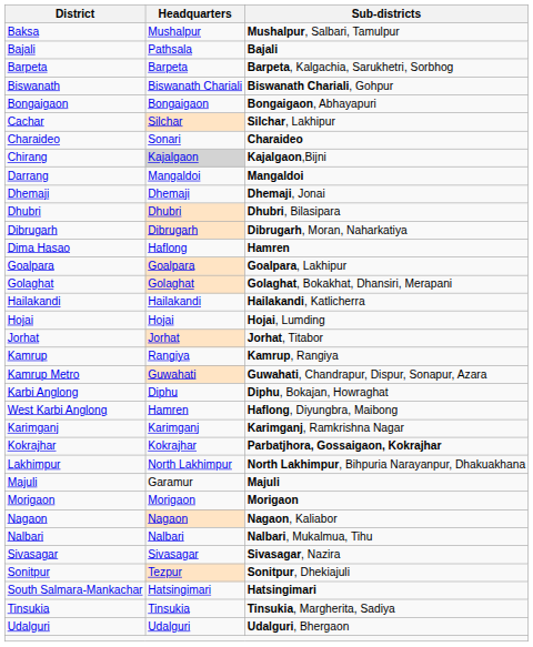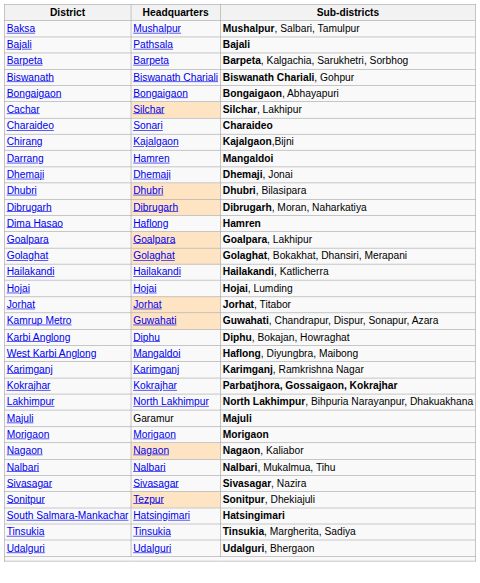 <table class="wikitable sortable" style="text-align: left;">
 <tr>
 <th><strong>District</strong></th>
 <th><strong>Headquarters</strong></th>
 <th><strong>Sub-districts</strong></th>
 </tr>
 <tr>
 <td><a href='#'>Baksa</a></td>
 <td><a href='#'>Mushalpur</a></td>
 <td><strong>Mushalpur</strong>, Salbari, Tamulpur</td>
 </tr>
 <tr>
 <td><a href='#'>Bajali</a></td>
 <td><a href='#'>Pathsala</a></td>
 <td><strong>Bajali</strong></td>
 </tr>
 <tr>
 <td><a href='#'>Barpeta</a></td>
 <td><a href='#'>Barpeta</a></td>
 <td><strong>Barpeta</strong>, Kalgachia, Sarukhetri, Sorbhog</td>
 </tr>
 <tr>
 <td><a href='#'>Biswanath</a></td>
 <td><a href='#'>Biswanath Chariali</a></td>
 <td><strong>Biswanath Chariali</strong>, Gohpur</td>
 </tr>
 <tr>
 <td><a href='#'>Bongaigaon</a></td>
 <td><a href='#'>Bongaigaon</a></td>
 <td><strong>Bongaigaon</strong>, Abhayapuri</td>
 </tr>
 <tr>
 <td><a href='#'>Cachar</a></td>
 <td style="background: Bisque;"><a href='#'>Silchar</a> </td>
 <td><strong>Silchar</strong>, Lakhipur</td>
 </tr>
 <tr>
 <td><a href='#'>Charaideo</a></td>
 <td><a href='#'>Sonari</a></td>
 <td><strong>Charaideo</strong></td>
 </tr>
 <tr>
 <td><a href='#'>Chirang</a></td>
-<td style="background: lightgrey;"><a href='#'>Kajalgaon</a></td>
+<td><a href='#'>Kajalgaon</a></td>
 <td><strong>Kajalgaon</strong>,Bijni</td>
 </tr>
 <tr>
 <td><a href='#'>Darrang</a></td>
-<td><a href='#'>Mangaldoi</a></td>
+<td><a href='#'>Hamren</a></td>
 <td><strong>Mangaldoi</strong></td>
 </tr>
 <tr>
 <td><a href='#'>Dhemaji</a></td>
 <td><a href='#'>Dhemaji</a></td>
 <td><strong>Dhemaji</strong>, Jonai</td>
 </tr>
 <tr>
 <td><a href='#'>Dhubri</a></td>
 <td style="background: Bisque;"><a href='#'>Dhubri</a> </td>
 <td><strong>Dhubri</strong>, Bilasipara</td>
 </tr>
 <tr>
 <td><a href='#'>Dibrugarh</a></td>
 <td style="background: Bisque;"><a href='#'>Dibrugarh</a> </td>
 <td><strong>Dibrugarh</strong>, Moran, Naharkatiya</td>
 </tr>
 <tr>
 <td><a href='#'>Dima Hasao</a></td>
 <td><a href='#'>Haflong</a></td>
 <td><strong>Hamren</strong></td>
 </tr>
 <tr>
 <td><a href='#'>Goalpara</a></td>
 <td style="background: Bisque;"><a href='#'>Goalpara</a> </td>
 <td><strong>Goalpara</strong>, Lakhipur</td>
 </tr>
 <tr>
 <td><a href='#'>Golaghat</a></td>
 <td style="background: Bisque;"><a href='#'>Golaghat</a> </td>
 <td><strong>Golaghat</strong>, Bokakhat, Dhansiri, Merapani</td>
 </tr>
 <tr>
 <td><a href='#'>Hailakandi</a></td>
 <td><a href='#'>Hailakandi</a></td>
 <td><strong>Hailakandi</strong>, Katlicherra</td>
 </tr>
 <tr>
 <td><a href='#'>Hojai</a></td>
 <td><a href='#'>Hojai</a></td>
 <td><strong>Hojai</strong>, Lumding</td>
 </tr>
 <tr>
 <td><a href='#'>Jorhat</a></td>
 <td style="background: Bisque;"><a href='#'>Jorhat</a> </td>
 <td><strong>Jorhat</strong>, Titabor</td>
 </tr>
 <tr>
-<td><a href='#'>Kamrup</a></td>
-<td><a href='#'>Rangiya</a></td>
-<td><strong>Kamrup</strong>, Rangiya</td>
-</tr>
-<tr>
 <td><a href='#'>Kamrup Metro</a></td>
 <td style="background: Bisque;"><a href='#'>Guwahati</a>   </td>
 <td><strong>Guwahati</strong>, Chandrapur, Dispur, Sonapur, Azara</td>
 </tr>
 <tr>
 <td><a href='#'>Karbi Anglong</a></td>
 <td><a href='#'>Diphu</a></td>
 <td><strong>Diphu</strong>, Bokajan, Howraghat</td>
 </tr>
 <tr>
 <td><a href='#'>West Karbi Anglong</a></td>
-<td><a href='#'>Hamren</a></td>
+<td><a href='#'>Mangaldoi</a></td>
 <td><strong>Haflong</strong>, Diyungbra, Maibong</td>
 </tr>
 <tr>
 <td><a href='#'>Karimganj</a></td>
 <td><a href='#'>Karimganj</a></td>
 <td><strong>Karimganj</strong>, Ramkrishna Nagar</td>
 </tr>
 <tr>
 <td><a href='#'>Kokrajhar</a></td>
 <td><a href='#'>Kokrajhar</a></td>
 <td><strong>Parbatjhora, Gossaigaon, Kokrajhar</strong></td>
 </tr>
 <tr>
 <td><a href='#'>Lakhimpur</a></td>
 <td><a href='#'>North Lakhimpur</a></td>
 <td><strong>North Lakhimpur</strong>, Bihpuria Narayanpur, Dhakuakhana</td>
 </tr>
 <tr>
 <td><a href='#'>Majuli</a></td>
 <td>Garamur</td>
 <td><strong>Majuli</strong></td>
 </tr>
 <tr>
 <td><a href='#'>Morigaon</a></td>
 <td><a href='#'>Morigaon</a></td>
 <td><strong>Morigaon</strong></td>
 </tr>
 <tr>
 <td><a href='#'>Nagaon</a></td>
 <td style="background: Bisque;"><a href='#'>Nagaon</a> </td>
 <td><strong>Nagaon</strong>, Kaliabor</td>
 </tr>
 <tr>
 <td><a href='#'>Nalbari</a></td>
 <td><a href='#'>Nalbari</a></td>
 <td><strong>Nalbari</strong>, Mukalmua, Tihu</td>
 </tr>
 <tr>
 <td><a href='#'>Sivasagar</a></td>
 <td><a href='#'>Sivasagar</a></td>
 <td><strong>Sivasagar</strong>, Nazira</td>
 </tr>
 <tr>
 <td><a href='#'>Sonitpur</a></td>
 <td style="background: Bisque;"><a href='#'>Tezpur</a> </td>
 <td><strong>Sonitpur</strong>, Dhekiajuli</td>
 </tr>
 <tr>
 <td><a href='#'>South Salmara-Mankachar</a></td>
 <td><a href='#'>Hatsingimari</a></td>
 <td><strong>Hatsingimari</strong></td>
 </tr>
 <tr>
 <td><a href='#'>Tinsukia</a></td>
 <td><a href='#'>Tinsukia</a></td>
 <td><strong>Tinsukia</strong>, Margherita, Sadiya</td>
 </tr>
 <tr>
 <td><a href='#'>Udalguri</a></td>
 <td><a href='#'>Udalguri</a></td>
 <td><strong>Udalguri</strong>, Bhergaon</td>
 </tr>
 <tr>
 <td colspan="3"></td>
 </tr>
 </table>
